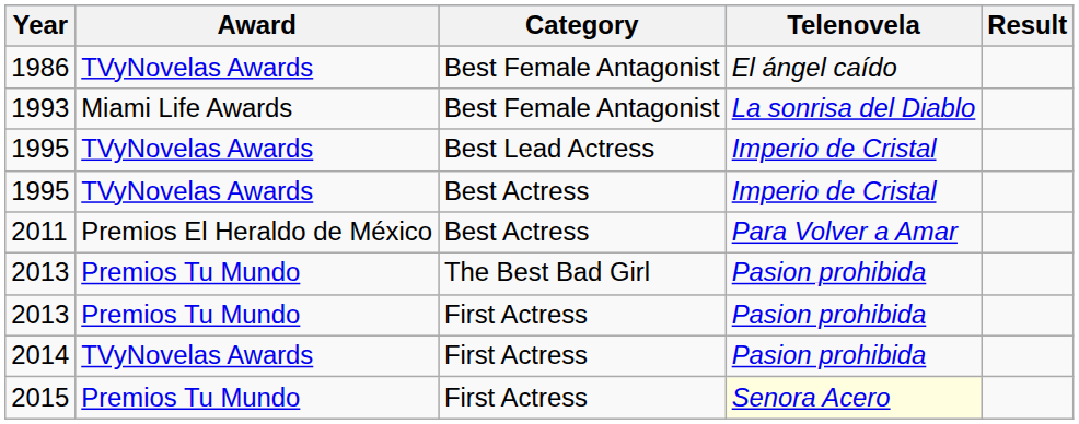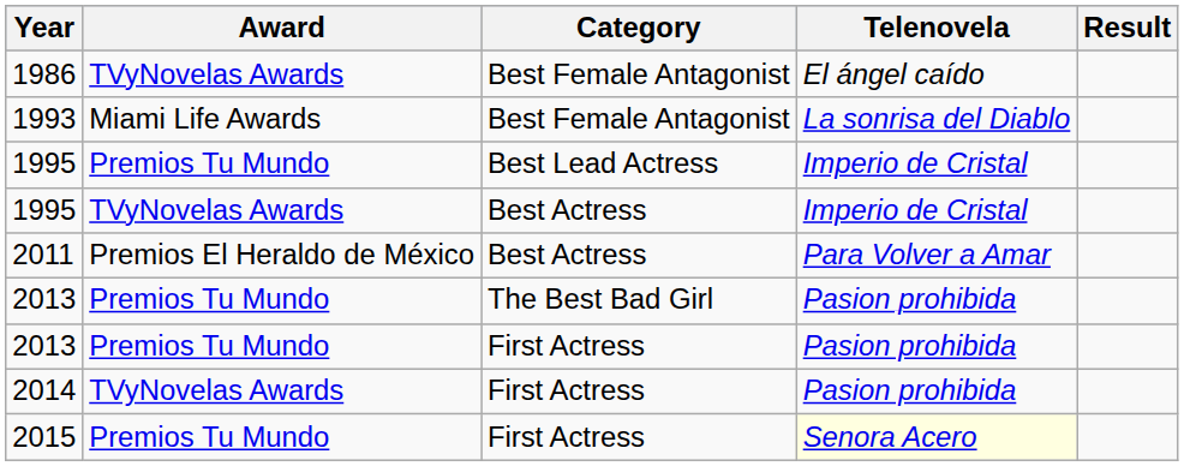 <table class="wikitable">
 <tr style="background:#b0c4de;">
 <th>Year</th>
 <th>Award</th>
 <th>Category</th>
 <th>Telenovela</th>
 <th>Result</th>
 </tr>
 <tr>
 <td>1986</td>
 <td><a href='#'>TVyNovelas Awards</a></td>
 <td>Best Female Antagonist</td>
 <td><em>El ángel caído</em></td>
 <td></td>
 </tr>
 <tr>
 <td>1993</td>
 <td>Miami Life Awards</td>
 <td>Best Female Antagonist</td>
 <td><em><a href='#'>La sonrisa del Diablo</a></em></td>
 <td></td>
 </tr>
 <tr>
 <td>1995</td>
-<td><a href='#'>TVyNovelas Awards</a></td>
+<td><a href='#'>Premios Tu Mundo</a></td>
 <td>Best Lead Actress</td>
 <td><em><a href='#'>Imperio de Cristal</a></em></td>
 <td></td>
 </tr>
 <tr>
 <td>1995</td>
 <td><a href='#'>TVyNovelas Awards</a></td>
 <td>Best Actress</td>
 <td><em><a href='#'>Imperio de Cristal</a></em></td>
 <td></td>
 </tr>
 <tr>
 <td>2011</td>
 <td>Premios El Heraldo de México</td>
 <td>Best Actress</td>
 <td><em><a href='#'>Para Volver a Amar</a></em></td>
 <td></td>
 </tr>
 <tr>
 <td>2013</td>
 <td><a href='#'>Premios Tu Mundo</a></td>
 <td>The Best Bad Girl</td>
 <td><em><a href='#'>Pasion prohibida</a></em></td>
 <td></td>
 </tr>
 <tr>
 <td>2013</td>
 <td><a href='#'>Premios Tu Mundo</a></td>
 <td>First Actress</td>
 <td><em><a href='#'>Pasion prohibida</a></em></td>
 <td></td>
 </tr>
 <tr>
 <td>2014</td>
 <td><a href='#'>TVyNovelas Awards</a></td>
 <td>First Actress</td>
 <td><em><a href='#'>Pasion prohibida</a></em></td>
 <td></td>
 </tr>
 <tr>
 <td>2015</td>
 <td><a href='#'>Premios Tu Mundo</a></td>
 <td>First Actress</td>
 <td style="background: lightyellow;"><em><a href='#'>Senora Acero</a></em></td>
 <td></td>
 </tr>
 </table>
